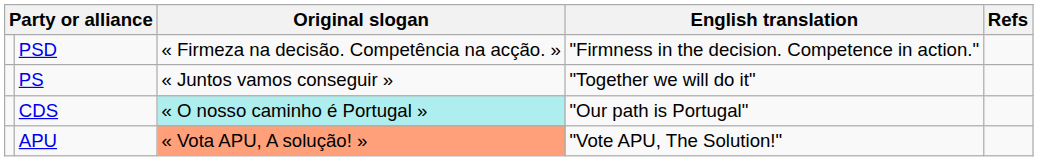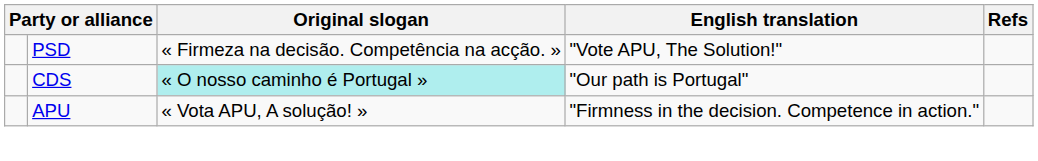 <table class="wikitable" style="font-size:97%; text-align:left;">
 <tr>
 <th style="text-align:left;" colspan="2">Party or alliance</th>
 <th>Original slogan</th>
 <th>English translation</th>
 <th>Refs</th>
 </tr>
 <tr>
 <td style="color:inherit;background:"></td>
 <td><a href='#'>PSD</a></td>
 <td>« Firmeza na decisão. Competência na acção. »</td>
-<td>"Firmness in the decision. Competence in action."</td>
-<td></td>
-</tr>
-<tr>
-<td width="1" style="color:inherit;background:"></td>
-<td><a href='#'>PS</a></td>
-<td>« Juntos vamos conseguir »</td>
-<td>"Together we will do it"</td>
+<td>"Vote APU, The Solution!"</td>
 <td></td>
 </tr>
 <tr>
 <td style="color:inherit;background:"></td>
 <td><a href='#'>CDS</a></td>
 <td style="background: paleturquoise;">« O nosso caminho é Portugal »</td>
 <td>"Our path is Portugal"</td>
 <td></td>
 </tr>
 <tr>
 <td style="color:inherit;background:"></td>
 <td><a href='#'>APU</a></td>
-<td style="background: lightsalmon;">« Vota APU, A solução! »</td>
-<td>"Vote APU, The Solution!"</td>
+<td>« Vota APU, A solução! »</td>
+<td>"Firmness in the decision. Competence in action."</td>
 <td></td>
 </tr>
 </table>
